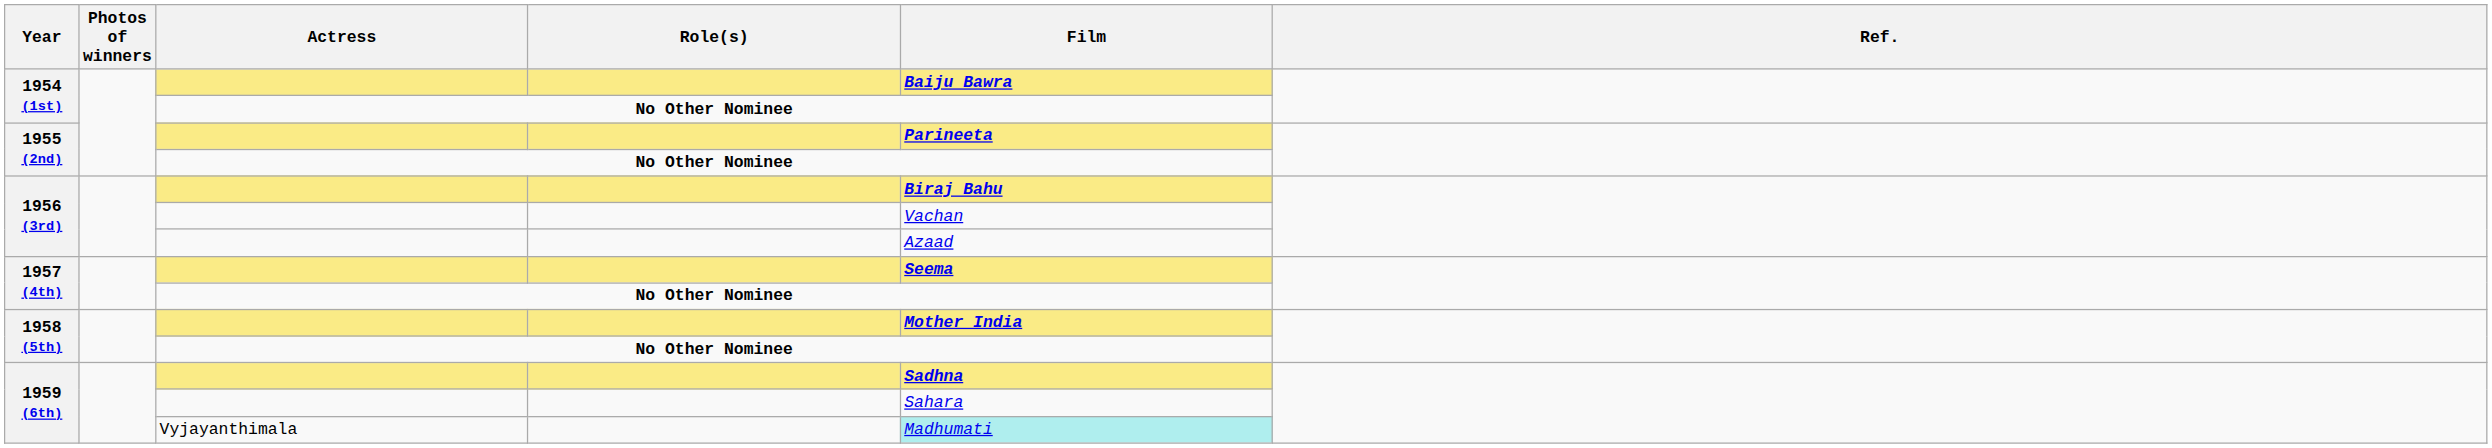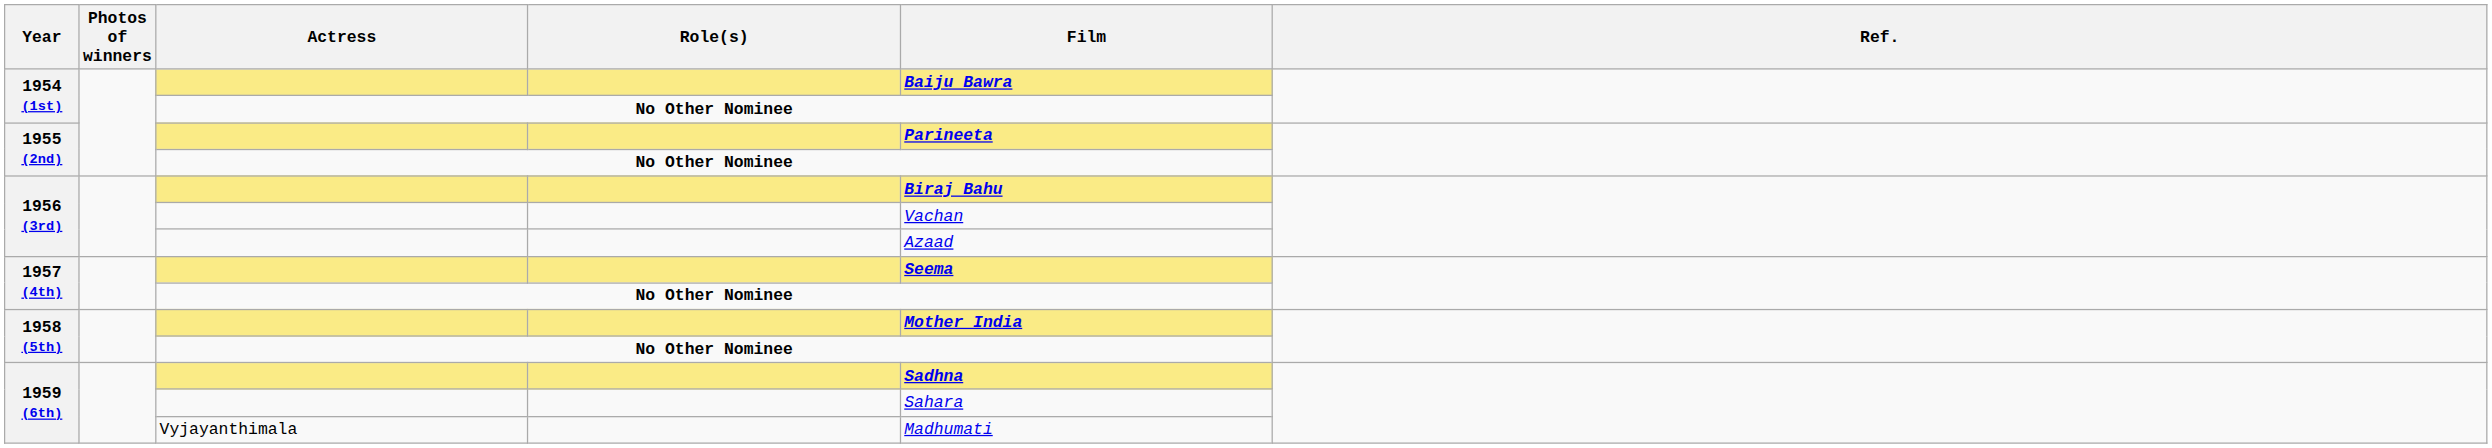 <table class="wikitable sortable" style="text-align:left;">
 <tr>
 <th scope="col" style="width:3%; text-align:center;">Year</th>
 <th scope="col" style="width:3%;text-align:center;">Photos of winners</th>
 <th scope="col" style="width:15%;text-align:center;">Actress</th>
 <th scope="col" style="width:15%;text-align:center;">Role(s)</th>
 <th scope="col" style="width:15%;text-align:center;">Film</th>
 <th>Ref.</th>
 </tr>
 <tr>
 <th scope="row" rowspan=2 style="text-align:center">1954 <br><small><a href='#'>(1st)</a> </small></th>
 <td rowspan="4" style="text-align:center"></td>
 <td style="background:#FAEB86;"><strong></strong> </td>
 <td style="background:#FAEB86;"><strong></strong></td>
 <td style="background:#FAEB86;"><strong><em><a href='#'>Baiju Bawra</a></em></strong></td>
 <td rowspan="2"></td>
 </tr>
 <tr>
 <td colspan =3 style="text-align:center"><strong>No Other Nominee</strong></td>
 </tr>
 <tr>
 <th scope="row" rowspan=2 style="text-align:center">1955<br><small><a href='#'>(2nd)</a></small></th>
 <td style="background:#FAEB86;"><strong></strong> </td>
 <td style="background:#FAEB86;"><strong></strong></td>
 <td style="background:#FAEB86;"><strong><em><a href='#'>Parineeta</a></em></strong></td>
 <td rowspan="2"></td>
 </tr>
 <tr>
 <td colspan=3 style="text-align:center"><strong>No Other Nominee</strong></td>
 </tr>
 <tr>
 <th scope="row" rowspan=3 style="text-align:center">1956<br><small><a href='#'>(3rd)</a></small></th>
 <td rowspan=3 style="text-align:center"></td>
 <td style="background:#FAEB86;"><strong></strong> </td>
 <td style="background:#FAEB86;"><strong></strong></td>
 <td style="background:#FAEB86;"><strong><em><a href='#'>Biraj Bahu</a></em></strong></td>
 <td rowspan="3"></td>
 </tr>
 <tr>
 <td></td>
 <td></td>
 <td><em><a href='#'>Vachan</a></em></td>
 </tr>
 <tr>
 <td></td>
 <td></td>
 <td><em><a href='#'>Azaad</a></em></td>
 </tr>
 <tr>
 <th scope="row" rowspan=2 style="text-align:center">1957 <br><small><a href='#'>(4th)</a> </small></th>
 <td rowspan=2 style="text-align:center"></td>
 <td style="background:#FAEB86;"><strong></strong> </td>
 <td style="background:#FAEB86;"><strong></strong></td>
 <td style="background:#FAEB86;"><strong><em><a href='#'>Seema</a></em></strong></td>
 <td rowspan="2"></td>
 </tr>
 <tr>
 <td colspan =3 style="text-align:center"><strong>No Other Nominee</strong></td>
 </tr>
 <tr>
 <th scope="row" rowspan=2 style="text-align:center">1958 <br><small><a href='#'>(5th)</a> </small></th>
 <td rowspan=2 style="text-align:center"></td>
 <td style="background:#FAEB86;"><strong></strong> </td>
 <td style="background:#FAEB86;"><strong></strong></td>
 <td style="background:#FAEB86;"><strong><em><a href='#'>Mother India</a></em></strong></td>
 <td rowspan="2"></td>
 </tr>
 <tr>
 <td colspan =3 style="text-align:center"><strong>No Other Nominee</strong></td>
 </tr>
 <tr>
 <th scope="row" rowspan=3 style="text-align:center">1959 <br><small><a href='#'>(6th)</a> </small></th>
 <td rowspan=3 style="text-align:center"></td>
 <td style="background:#FAEB86;"><strong></strong> </td>
 <td style="background:#FAEB86;"><strong></strong></td>
 <td style="background:#FAEB86;"><strong><em><a href='#'>Sadhna</a></em></strong></td>
 <td rowspan="3"></td>
 </tr>
 <tr>
 <td></td>
 <td></td>
 <td><em><a href='#'>Sahara</a></em></td>
 </tr>
 <tr>
 <td>Vyjayanthimala</td>
 <td></td>
-<td style="background: paleturquoise;"><em><a href='#'>Madhumati</a></em></td>
+<td><em><a href='#'>Madhumati</a></em></td>
 </tr>
 </table>
